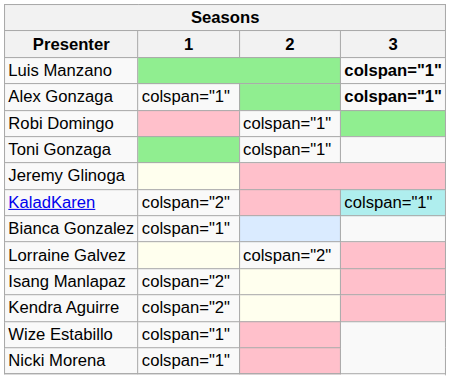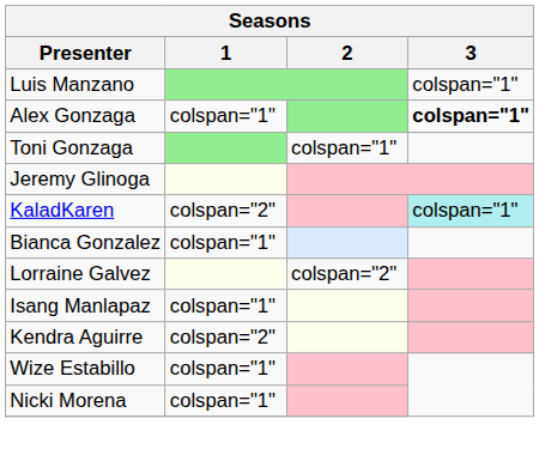 <table class="wikitable">
 <tr>
 <th colspan="4">Seasons</th>
 </tr>
 <tr>
 <th>Presenter</th>
 <th width="90">1</th>
 <th width="90">2</th>
 <th width="90">3</th>
 </tr>
 <tr>
 <td>Luis Manzano</td>
 <td colspan="2" bgcolor="#90ee90"></td>
-<td><strong>colspan="1" </strong></td>
+<td>colspan="1" </td>
 </tr>
 <tr>
 <td>Alex Gonzaga</td>
 <td>colspan="1" </td>
 <td colspan="1" bgcolor="#90ee90"></td>
 <td><strong>colspan="1" </strong></td>
-</tr>
-<tr>
-<td>Robi Domingo</td>
-<td colspan="1" bgcolor="pink"></td>
-<td>colspan="1" </td>
-<td colspan="1" bgcolor="#90ee90"></td>
 </tr>
 <tr>
 <td>Toni Gonzaga</td>
 <td colspan="1" bgcolor="#90ee90"></td>
 <td>colspan="1" </td>
 </tr>
 <tr>
 <td>Jeremy Glinoga</td>
 <td colspan="1" bgcolor="#ffffee"></td>
 <td colspan="2" bgcolor="pink"></td>
 </tr>
 <tr>
 <td><a href='#'>KaladKaren</a></td>
 <td>colspan="2" </td>
 <td colspan="1" bgcolor="pink"></td>
 <td style="background: paleturquoise;">colspan="1" </td>
 </tr>
 <tr>
 <td>Bianca Gonzalez</td>
 <td>colspan="1" </td>
 <td colspan="1" bgcolor="#DAEBFF"></td>
 </tr>
 <tr>
 <td>Lorraine Galvez</td>
 <td colspan="1" bgcolor="#ffffee"></td>
 <td>colspan="2" </td>
 <td colspan="1" bgcolor="pink"></td>
 </tr>
 <tr>
 <td>Isang Manlapaz</td>
-<td>colspan="2" </td>
+<td>colspan="1" </td>
 <td colspan="1" bgcolor="#ffffee"></td>
 <td colspan="1" bgcolor="pink"></td>
 </tr>
 <tr>
 <td>Kendra Aguirre</td>
 <td>colspan="2" </td>
 <td colspan="1" bgcolor="ffffee"></td>
 <td colspan="1" bgcolor="pink"></td>
 </tr>
 <tr>
 <td>Wize Estabillo</td>
 <td>colspan="1" </td>
 <td colspan="1" bgcolor="pink"></td>
 </tr>
 <tr>
 <td>Nicki Morena</td>
 <td>colspan="1" </td>
 <td colspan="1" bgcolor="pink"></td>
 </tr>
 <tr>
 </tr>
 </table>
